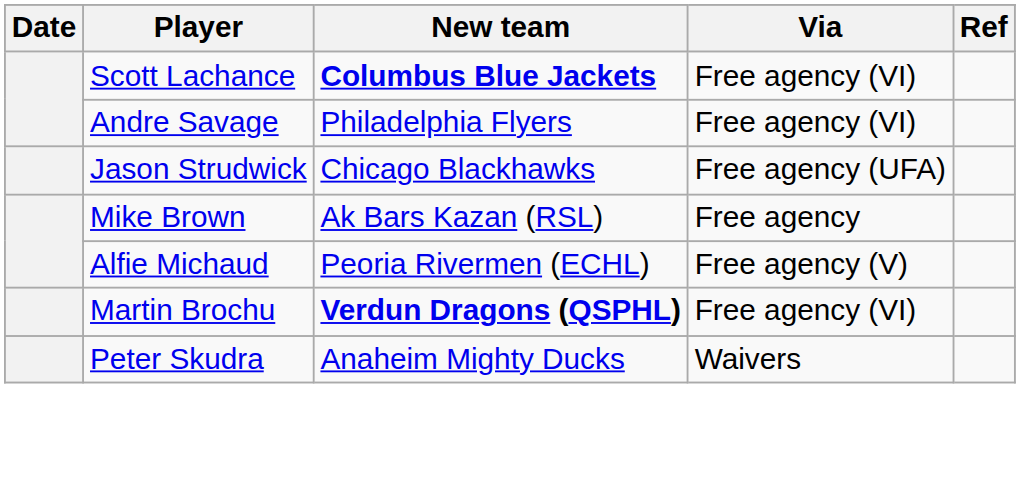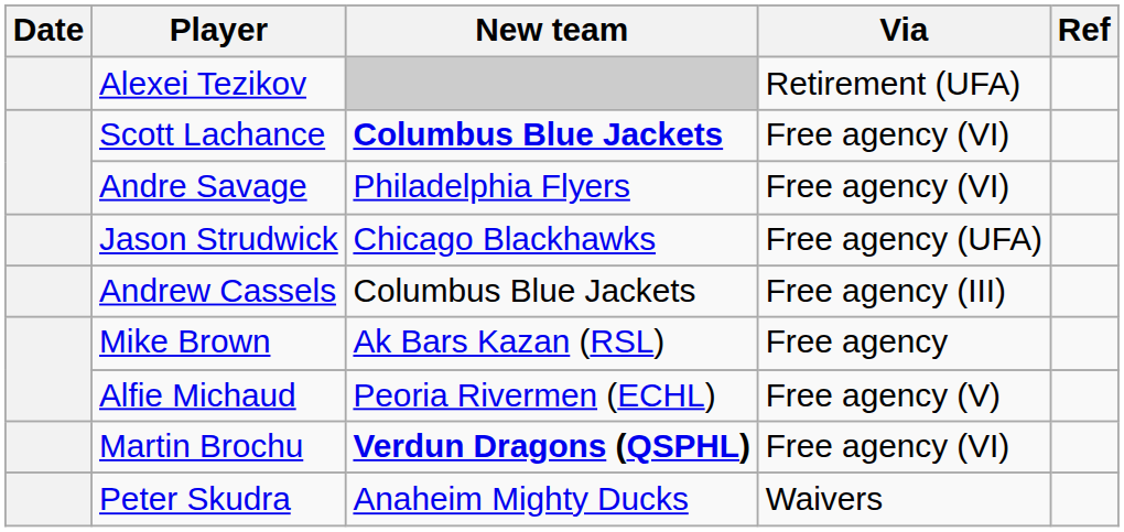 <table class="wikitable plainrowheaders">
 <tr style="background:#ddd; text-align:center;">
 <th>Date</th>
 <th>Player</th>
 <th>New team</th>
 <th>Via</th>
 <th>Ref</th>
+</tr>
+<tr>
+<th scope="row"></th>
+<td><a href='#'>Alexei Tezikov</a></td>
+<td style="background:#ccc"></td>
+<td>Retirement (UFA)</td>
+<td></td>
 </tr>
 <tr>
 <th scope="row" rowspan=2></th>
 <td><a href='#'>Scott Lachance</a></td>
 <td><strong><a href='#'>Columbus Blue Jackets</a></strong></td>
 <td>Free agency (VI)</td>
 <td></td>
 </tr>
 <tr>
 <td><a href='#'>Andre Savage</a></td>
 <td><a href='#'>Philadelphia Flyers</a></td>
 <td>Free agency (VI)</td>
 <td></td>
 </tr>
 <tr>
 <th scope="row"></th>
 <td><a href='#'>Jason Strudwick</a></td>
 <td><a href='#'>Chicago Blackhawks</a></td>
 <td>Free agency (UFA)</td>
+<td></td>
+</tr>
+<tr>
+<th scope="row"></th>
+<td><a href='#'>Andrew Cassels</a></td>
+<td>Columbus Blue Jackets</td>
+<td>Free agency (III)</td>
 <td></td>
 </tr>
 <tr>
 <th scope="row" rowspan=2></th>
 <td><a href='#'>Mike Brown</a></td>
 <td><a href='#'>Ak Bars Kazan</a> (<a href='#'>RSL</a>)</td>
 <td>Free agency</td>
 <td></td>
 </tr>
 <tr>
 <td><a href='#'>Alfie Michaud</a></td>
 <td><a href='#'>Peoria Rivermen</a> (<a href='#'>ECHL</a>)</td>
 <td>Free agency (V)</td>
 <td></td>
 </tr>
 <tr>
 <th scope="row"></th>
 <td><a href='#'>Martin Brochu</a></td>
 <td><strong><a href='#'>Verdun Dragons</a> (<a href='#'>QSPHL</a>)</strong></td>
 <td>Free agency (VI)</td>
 <td></td>
 </tr>
 <tr>
 <th scope="row"></th>
 <td><a href='#'>Peter Skudra</a></td>
 <td><a href='#'>Anaheim Mighty Ducks</a></td>
 <td>Waivers</td>
 <td></td>
 </tr>
 </table>
